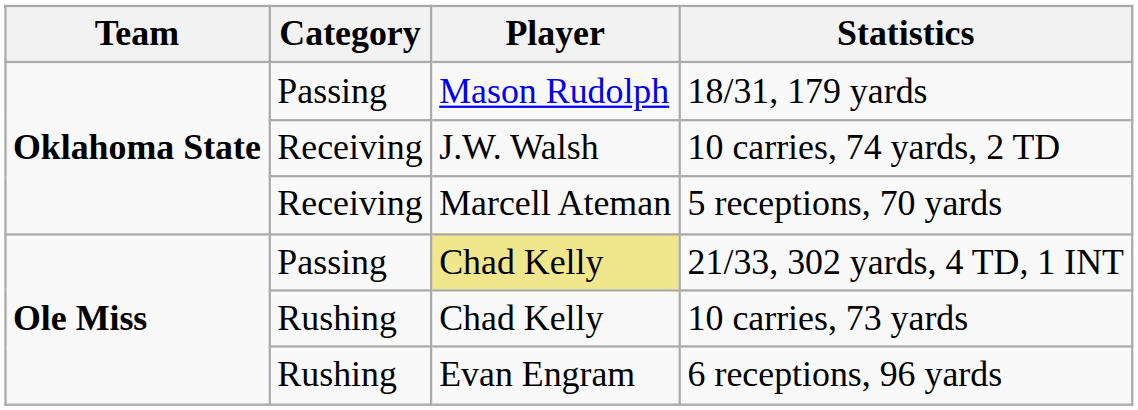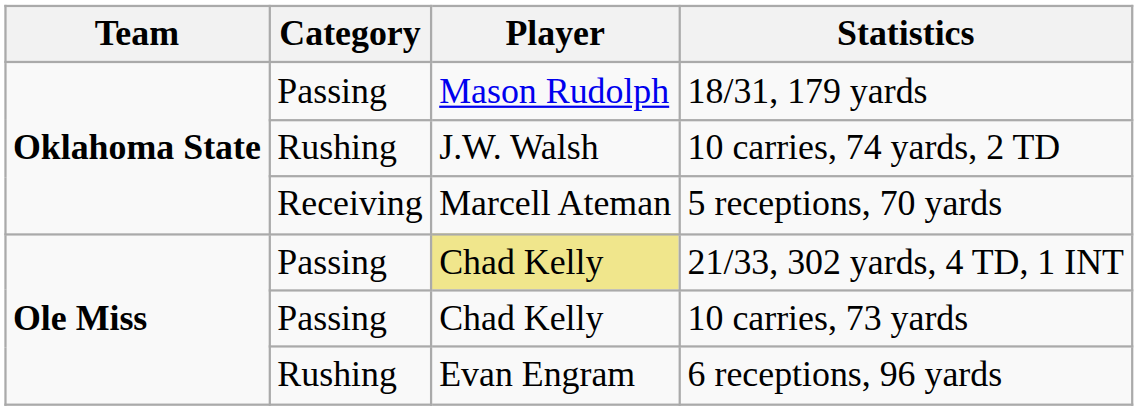 <table class="wikitable" style="float: right;">
 <tr>
 <th>Team</th>
 <th>Category</th>
 <th>Player</th>
 <th>Statistics</th>
 </tr>
 <tr>
 <td rowspan=3><strong>Oklahoma State</strong></td>
 <td>Passing</td>
 <td><a href='#'>Mason Rudolph</a></td>
 <td>18/31, 179 yards</td>
 </tr>
 <tr>
-<td>Receiving</td>
+<td>Rushing</td>
 <td>J.W. Walsh</td>
 <td>10 carries, 74 yards, 2 TD</td>
 </tr>
 <tr>
 <td>Receiving</td>
 <td>Marcell Ateman</td>
 <td>5 receptions, 70 yards</td>
 </tr>
 <tr>
 <td rowspan=3><strong>Ole Miss</strong></td>
 <td>Passing</td>
 <td style="background: khaki;">Chad Kelly</td>
 <td>21/33, 302 yards, 4 TD, 1 INT</td>
 </tr>
 <tr>
-<td>Rushing</td>
+<td>Passing</td>
 <td>Chad Kelly</td>
 <td>10 carries, 73 yards</td>
 </tr>
 <tr>
 <td>Rushing</td>
 <td>Evan Engram</td>
 <td>6 receptions, 96 yards</td>
 </tr>
 </table>
